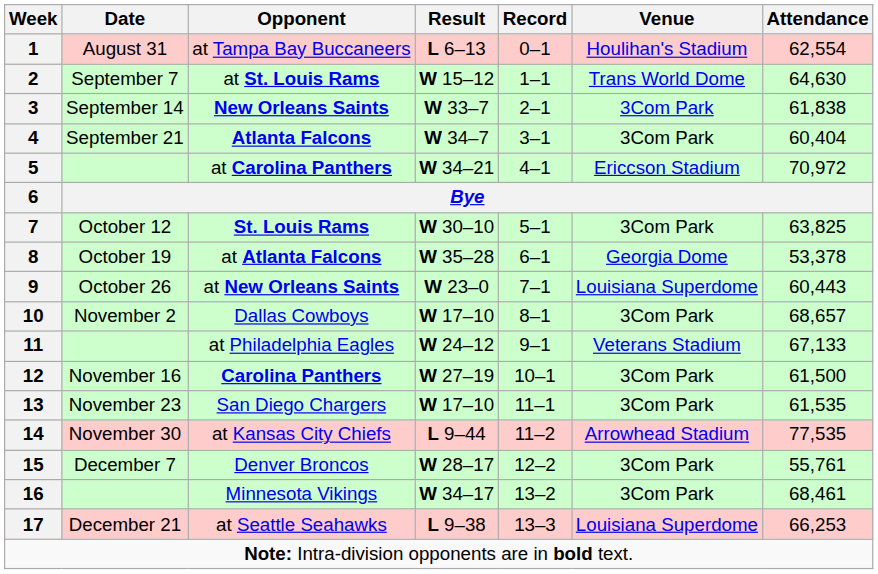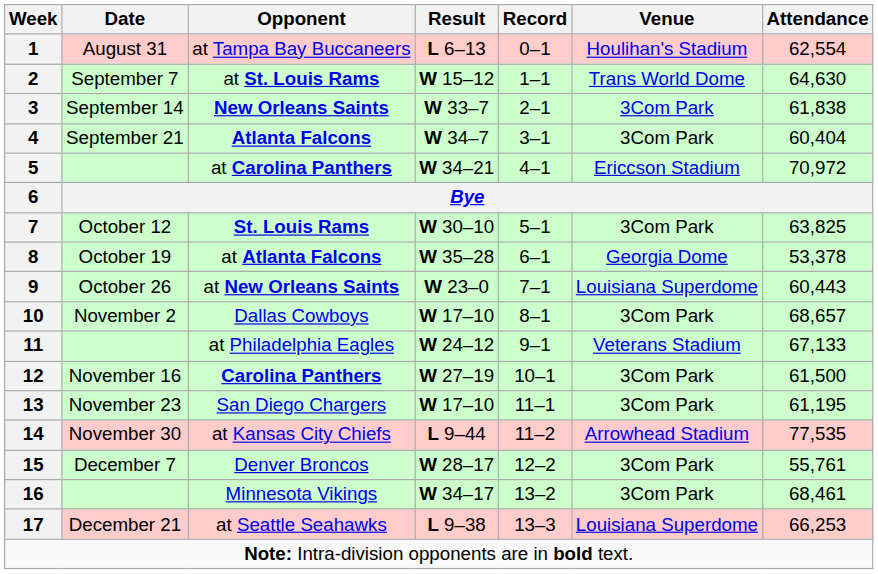 <table class="wikitable" style="text-align:center">
 <tr>
 <th>Week</th>
 <th>Date</th>
 <th>Opponent</th>
 <th>Result</th>
 <th>Record</th>
 <th>Venue</th>
 <th>Attendance</th>
 </tr>
 <tr style="background:#fcc">
 <th>1</th>
 <td>August 31</td>
 <td>at <a href='#'>Tampa Bay Buccaneers</a></td>
 <td><strong>L</strong> 6–13</td>
 <td>0–1</td>
 <td><a href='#'>Houlihan's Stadium</a></td>
 <td>62,554</td>
 </tr>
 <tr style="background:#cfc">
 <th>2</th>
 <td>September 7</td>
 <td>at <strong><a href='#'>St. Louis Rams</a></strong></td>
 <td><strong>W</strong> 15–12</td>
 <td>1–1</td>
 <td><a href='#'>Trans World Dome</a></td>
 <td>64,630</td>
 </tr>
 <tr style="background:#cfc">
 <th>3</th>
 <td>September 14</td>
 <td><strong><a href='#'>New Orleans Saints</a></strong></td>
 <td><strong>W</strong> 33–7</td>
 <td>2–1</td>
 <td><a href='#'>3Com Park</a></td>
 <td>61,838</td>
 </tr>
 <tr style="background:#cfc">
 <th>4</th>
 <td>September 21</td>
 <td><strong><a href='#'>Atlanta Falcons</a></strong></td>
 <td><strong>W</strong> 34–7</td>
 <td>3–1</td>
 <td>3Com Park</td>
 <td>60,404</td>
 </tr>
 <tr style="background:#cfc">
 <th>5</th>
 <td></td>
 <td>at <strong><a href='#'>Carolina Panthers</a></strong></td>
 <td><strong>W</strong> 34–21</td>
 <td>4–1</td>
 <td><a href='#'>Ericcson Stadium</a></td>
 <td>70,972</td>
 </tr>
 <tr>
 <th>6</th>
 <th colspan=6 align=center><em><a href='#'>Bye</a></em></th>
 </tr>
 <tr style="background:#cfc">
 <th>7</th>
 <td>October 12</td>
 <td><strong><a href='#'>St. Louis Rams</a></strong></td>
 <td><strong>W</strong> 30–10</td>
 <td>5–1</td>
 <td>3Com Park</td>
 <td>63,825</td>
 </tr>
 <tr style="background:#cfc">
 <th>8</th>
 <td>October 19</td>
 <td>at <strong><a href='#'>Atlanta Falcons</a></strong></td>
 <td><strong>W</strong> 35–28</td>
 <td>6–1</td>
 <td><a href='#'>Georgia Dome</a></td>
 <td>53,378</td>
 </tr>
 <tr style="background:#cfc">
 <th>9</th>
 <td>October 26</td>
 <td>at <strong><a href='#'>New Orleans Saints</a></strong></td>
 <td><strong>W</strong> 23–0</td>
 <td>7–1</td>
 <td><a href='#'>Louisiana Superdome</a></td>
 <td>60,443</td>
 </tr>
 <tr style="background:#cfc">
 <th>10</th>
 <td>November 2</td>
 <td><a href='#'>Dallas Cowboys</a></td>
 <td><strong>W</strong> 17–10</td>
 <td>8–1</td>
 <td>3Com Park</td>
 <td>68,657</td>
 </tr>
 <tr style="background:#cfc">
 <th>11</th>
 <td></td>
 <td>at <a href='#'>Philadelphia Eagles</a></td>
 <td><strong>W</strong> 24–12</td>
 <td>9–1</td>
 <td><a href='#'>Veterans Stadium</a></td>
 <td>67,133</td>
 </tr>
 <tr style="background:#cfc">
 <th>12</th>
 <td>November 16</td>
 <td><strong><a href='#'>Carolina Panthers</a></strong></td>
 <td><strong>W</strong> 27–19</td>
 <td>10–1</td>
 <td>3Com Park</td>
 <td>61,500</td>
 </tr>
 <tr style="background:#cfc">
 <th>13</th>
 <td>November 23</td>
 <td><a href='#'>San Diego Chargers</a></td>
 <td><strong>W</strong> 17–10</td>
 <td>11–1</td>
 <td>3Com Park</td>
-<td>61,535</td>
+<td>61,195</td>
 </tr>
 <tr style="background:#fcc">
 <th>14</th>
 <td>November 30</td>
 <td>at <a href='#'>Kansas City Chiefs</a></td>
 <td><strong>L</strong> 9–44</td>
 <td>11–2</td>
 <td><a href='#'>Arrowhead Stadium</a></td>
 <td>77,535</td>
 </tr>
 <tr style="background:#cfc">
 <th>15</th>
 <td>December 7</td>
 <td><a href='#'>Denver Broncos</a></td>
 <td><strong>W</strong> 28–17</td>
 <td>12–2</td>
 <td>3Com Park</td>
 <td>55,761</td>
 </tr>
 <tr style="background:#cfc">
 <th>16</th>
 <td></td>
 <td><a href='#'>Minnesota Vikings</a></td>
 <td><strong>W</strong> 34–17</td>
 <td>13–2</td>
 <td>3Com Park</td>
 <td>68,461</td>
 </tr>
 <tr style="background:#fcc">
 <th>17</th>
 <td>December 21</td>
 <td>at <a href='#'>Seattle Seahawks</a></td>
 <td><strong>L</strong> 9–38</td>
 <td>13–3</td>
 <td><a href='#'>Louisiana Superdome</a></td>
 <td>66,253</td>
 </tr>
 <tr>
 <td colspan="8"><strong>Note:</strong> Intra-division opponents are in <strong>bold</strong> text.</td>
 </tr>
 </table>
